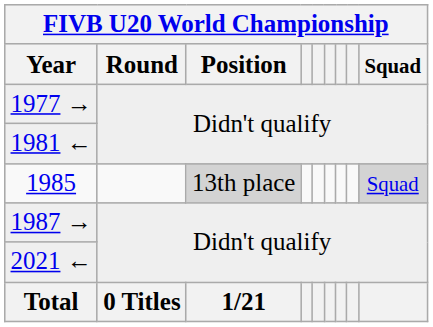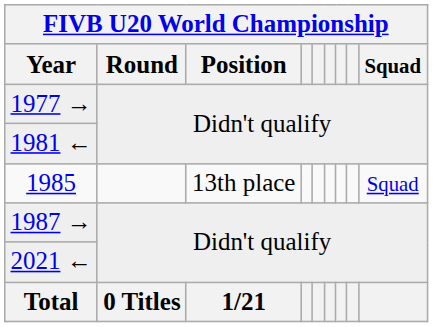 <table class="wikitable" style="text-align: center;">
 <tr>
 <th colspan=9><a href='#'>FIVB U20 World Championship</a></th>
 </tr>
 <tr>
 <th>Year</th>
 <th>Round</th>
 <th>Position</th>
 <th></th>
 <th></th>
 <th></th>
 <th></th>
 <th></th>
 <th><small>Squad</small></th>
 </tr>
 <tr bgcolor="efefef">
 <td> <a href='#'>1977</a> →</td>
 <td colspan=9 rowspan=2>Didn't qualify</td>
 </tr>
 <tr bgcolor="efefef">
 <td> <a href='#'>1981</a> ←</td>
 </tr>
 <tr>
 <td> <a href='#'>1985</a></td>
 <td></td>
-<td style="background: lightgrey;">13th place</td>
+<td>13th place</td>
 <td></td>
 <td></td>
 <td></td>
 <td></td>
 <td></td>
-<td style="background: lightgrey;"><small><a href='#'>Squad</a></small></td>
+<td><small><a href='#'>Squad</a></small></td>
 </tr>
 <tr bgcolor="efefef">
 <td> <a href='#'>1987</a> →</td>
 <td colspan=8 rowspan=2>Didn't qualify</td>
 </tr>
 <tr bgcolor="efefef">
 <td>  <a href='#'>2021</a> ←</td>
 </tr>
 <tr>
 <th>Total</th>
 <th>0 Titles</th>
 <th>1/21</th>
 <th></th>
 <th></th>
 <th></th>
 <th></th>
 <th></th>
 <th></th>
 </tr>
 </table>
